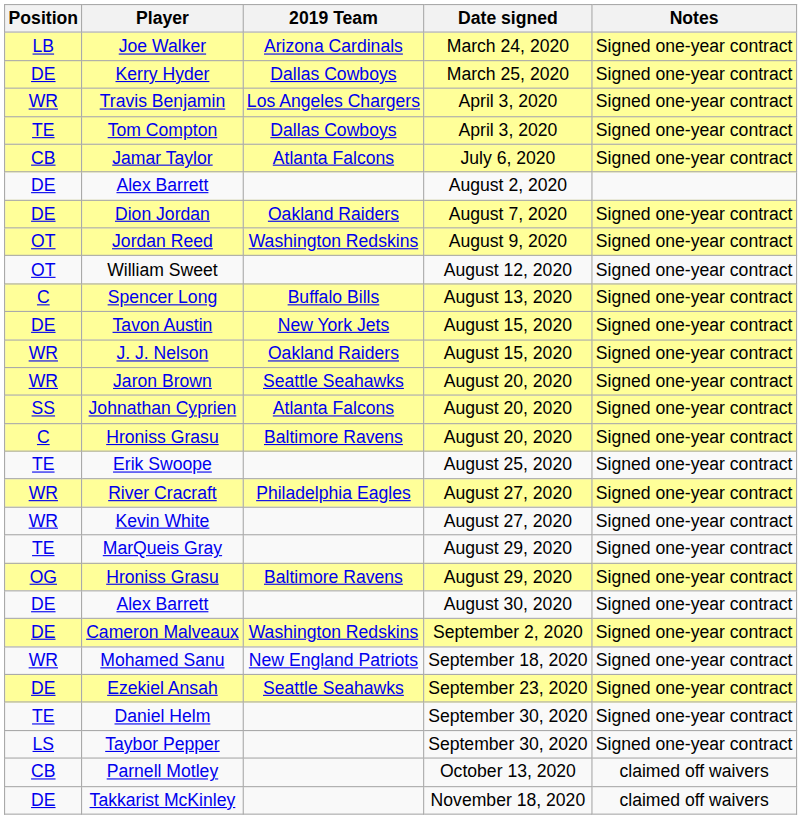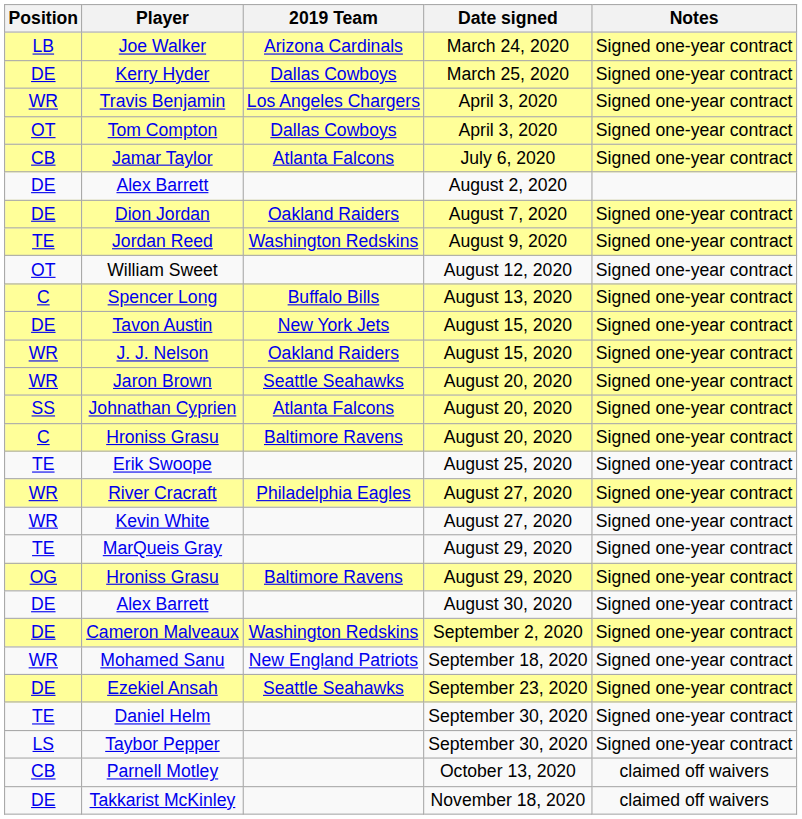 <table class="sortable wikitable" style="text-align:center">
 <tr>
 <th>Position</th>
 <th>Player</th>
 <th>2019 Team</th>
 <th>Date signed</th>
 <th>Notes</th>
 </tr>
 <tr style="background:#ff9">
 <td><a href='#'>LB</a></td>
 <td><a href='#'>Joe Walker</a></td>
 <td><a href='#'>Arizona Cardinals</a></td>
 <td>March 24, 2020</td>
 <td>Signed one-year contract</td>
 </tr>
 <tr style="background:#ff9">
 <td><a href='#'>DE</a></td>
 <td><a href='#'>Kerry Hyder</a></td>
 <td><a href='#'>Dallas Cowboys</a></td>
 <td>March 25, 2020</td>
 <td>Signed one-year contract</td>
 </tr>
 <tr style="background:#ff9">
 <td><a href='#'>WR</a></td>
 <td><a href='#'>Travis Benjamin</a></td>
 <td><a href='#'>Los Angeles Chargers</a></td>
 <td>April 3, 2020</td>
 <td>Signed one-year contract</td>
 </tr>
 <tr style="background:#ff9">
-<td><a href='#'>TE</a></td>
+<td><a href='#'>OT</a></td>
 <td><a href='#'>Tom Compton</a></td>
 <td><a href='#'>Dallas Cowboys</a></td>
 <td>April 3, 2020</td>
 <td>Signed one-year contract</td>
 </tr>
 <tr style="background:#ff9">
 <td><a href='#'>CB</a></td>
 <td><a href='#'>Jamar Taylor</a></td>
 <td><a href='#'>Atlanta Falcons</a></td>
 <td>July 6, 2020</td>
 <td>Signed one-year contract</td>
 </tr>
 <tr>
 <td><a href='#'>DE</a></td>
 <td><a href='#'>Alex Barrett</a></td>
 <td></td>
 <td>August 2, 2020</td>
 <td></td>
 </tr>
 <tr style="background:#ff9">
 <td><a href='#'>DE</a></td>
 <td><a href='#'>Dion Jordan</a></td>
 <td><a href='#'>Oakland Raiders</a></td>
 <td>August 7, 2020</td>
 <td>Signed one-year contract</td>
 </tr>
 <tr style="background:#ff9">
-<td><a href='#'>OT</a></td>
+<td><a href='#'>TE</a></td>
 <td><a href='#'>Jordan Reed</a></td>
 <td><a href='#'>Washington Redskins</a></td>
 <td>August 9, 2020</td>
 <td>Signed one-year contract</td>
 </tr>
 <tr>
 <td><a href='#'>OT</a></td>
 <td>William Sweet</td>
 <td></td>
 <td>August 12, 2020</td>
 <td>Signed one-year contract</td>
 </tr>
 <tr style="background:#ff9">
 <td><a href='#'>C</a></td>
 <td><a href='#'>Spencer Long</a></td>
 <td><a href='#'>Buffalo Bills</a></td>
 <td>August 13, 2020</td>
 <td>Signed one-year contract</td>
 </tr>
 <tr style="background:#ff9">
 <td><a href='#'>DE</a></td>
 <td><a href='#'>Tavon Austin</a></td>
 <td><a href='#'>New York Jets</a></td>
 <td>August 15, 2020</td>
 <td>Signed one-year contract</td>
 </tr>
 <tr style="background:#ff9">
 <td><a href='#'>WR</a></td>
 <td><a href='#'>J. J. Nelson</a></td>
 <td><a href='#'>Oakland Raiders</a></td>
 <td>August 15, 2020</td>
 <td>Signed one-year contract</td>
 </tr>
 <tr style="background:#ff9">
 <td><a href='#'>WR</a></td>
 <td><a href='#'>Jaron Brown</a></td>
 <td><a href='#'>Seattle Seahawks</a></td>
 <td>August 20, 2020</td>
 <td>Signed one-year contract</td>
 </tr>
 <tr style="background:#ff9">
 <td><a href='#'>SS</a></td>
 <td><a href='#'>Johnathan Cyprien</a></td>
 <td><a href='#'>Atlanta Falcons</a></td>
 <td>August 20, 2020</td>
 <td>Signed one-year contract</td>
 </tr>
 <tr style="background:#ff9">
 <td><a href='#'>C</a></td>
 <td><a href='#'>Hroniss Grasu</a></td>
 <td><a href='#'>Baltimore Ravens</a></td>
 <td>August 20, 2020</td>
 <td>Signed one-year contract</td>
 </tr>
 <tr>
 <td><a href='#'>TE</a></td>
 <td><a href='#'>Erik Swoope</a></td>
 <td></td>
 <td>August 25, 2020</td>
 <td>Signed one-year contract</td>
 </tr>
 <tr style="background:#ff9">
 <td><a href='#'>WR</a></td>
 <td><a href='#'>River Cracraft</a></td>
 <td><a href='#'>Philadelphia Eagles</a></td>
 <td>August 27, 2020</td>
 <td>Signed one-year contract</td>
 </tr>
 <tr>
 <td><a href='#'>WR</a></td>
 <td><a href='#'>Kevin White</a></td>
 <td></td>
 <td>August 27, 2020</td>
 <td>Signed one-year contract</td>
 </tr>
 <tr>
 <td><a href='#'>TE</a></td>
 <td><a href='#'>MarQueis Gray</a></td>
 <td></td>
 <td>August 29, 2020</td>
 <td>Signed one-year contract</td>
 </tr>
 <tr style="background:#ff9">
 <td><a href='#'>OG</a></td>
 <td><a href='#'>Hroniss Grasu</a></td>
 <td><a href='#'>Baltimore Ravens</a></td>
 <td>August 29, 2020</td>
 <td>Signed one-year contract</td>
 </tr>
 <tr>
 <td><a href='#'>DE</a></td>
 <td><a href='#'>Alex Barrett</a></td>
 <td></td>
 <td>August 30, 2020</td>
 <td>Signed one-year contract</td>
 </tr>
 <tr style="background:#ff9">
 <td><a href='#'>DE</a></td>
 <td><a href='#'>Cameron Malveaux</a></td>
 <td><a href='#'>Washington Redskins</a></td>
 <td>September 2, 2020</td>
 <td>Signed one-year contract</td>
 </tr>
 <tr>
 <td><a href='#'>WR</a></td>
 <td><a href='#'>Mohamed Sanu</a></td>
 <td><a href='#'>New England Patriots</a></td>
 <td>September 18, 2020</td>
 <td>Signed one-year contract</td>
 </tr>
 <tr style="background:#ff9">
 <td><a href='#'>DE</a></td>
 <td><a href='#'>Ezekiel Ansah</a></td>
 <td><a href='#'>Seattle Seahawks</a></td>
 <td>September 23, 2020</td>
 <td>Signed one-year contract</td>
 </tr>
 <tr>
 <td><a href='#'>TE</a></td>
 <td><a href='#'>Daniel Helm</a></td>
 <td></td>
 <td>September 30, 2020</td>
 <td>Signed one-year contract</td>
 </tr>
 <tr>
 <td><a href='#'>LS</a></td>
 <td><a href='#'>Taybor Pepper</a></td>
 <td></td>
 <td>September 30, 2020</td>
 <td>Signed one-year contract</td>
 </tr>
 <tr>
 <td><a href='#'>CB</a></td>
 <td><a href='#'>Parnell Motley</a></td>
 <td></td>
 <td>October 13, 2020</td>
 <td>claimed off waivers</td>
 </tr>
 <tr>
 <td><a href='#'>DE</a></td>
 <td><a href='#'>Takkarist McKinley</a></td>
 <td></td>
 <td>November 18, 2020</td>
 <td>claimed off waivers</td>
 </tr>
 </table>
